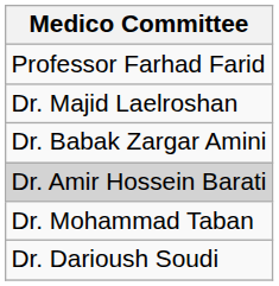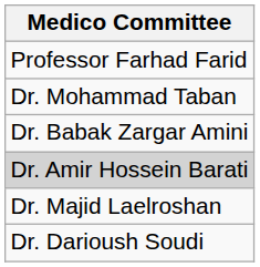 <table class="wikitable" "align: right;">
 <tr>
 <th>Medico Committee</th>
 </tr>
 <tr>
 <td> Professor Farhad Farid</td>
 </tr>
 <tr>
-<td> Dr. Majid Laelroshan</td>
+<td> Dr. Mohammad Taban</td>
 </tr>
 <tr>
 <td> Dr. Babak Zargar Amini</td>
 </tr>
 <tr>
 <td style="background: lightgrey;"> Dr. Amir Hossein Barati</td>
 </tr>
 <tr>
-<td> Dr. Mohammad Taban</td>
+<td> Dr. Majid Laelroshan</td>
 </tr>
 <tr>
 <td> Dr. Darioush Soudi</td>
 </tr>
 </table>
